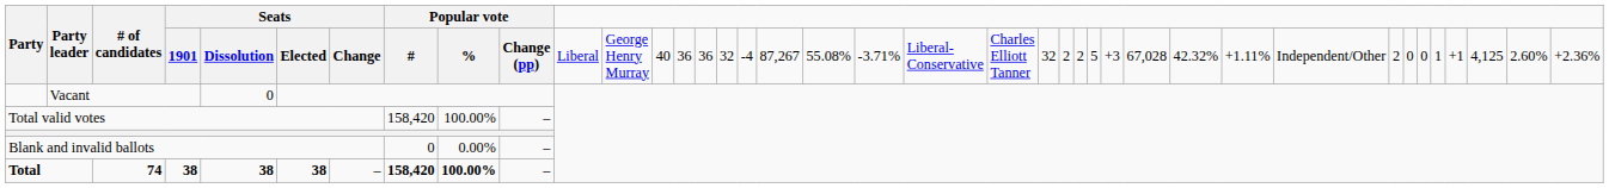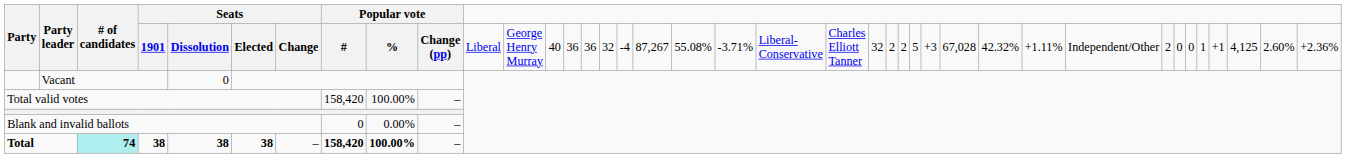 <table class="wikitable">
 <tr>
 <th rowspan="2" colspan="2">Party</th>
 <th rowspan="2">Party leader</th>
 <th rowspan="2"># of<br>candidates</th>
 <th colspan="4">Seats</th>
 <th colspan="3">Popular vote</th>
 </tr>
 <tr>
 <th><a href='#'>1901</a></th>
 <th><span><a href='#'>Dissolution</a></span></th>
 <th>Elected</th>
 <th>Change</th>
 <th>#</th>
 <th>%</th>
 <th>Change (<a href='#'>pp</a>)<br></th>
 <td><a href='#'>Liberal</a></td>
 <td><a href='#'>George Henry Murray</a></td>
 <td align="right">40</td>
 <td align="right">36</td>
 <td align="right">36</td>
 <td align="right">32</td>
 <td align="right">-4</td>
 <td align="right">87,267</td>
 <td align="right">55.08%</td>
 <td align="right">-3.71%<br></td>
 <td><a href='#'>Liberal-Conservative</a></td>
 <td><a href='#'>Charles Elliott Tanner</a></td>
 <td align="right">32</td>
 <td align="right">2</td>
 <td align="right">2</td>
 <td align="right">5</td>
 <td align="right">+3</td>
 <td align="right">67,028</td>
 <td align="right">42.32%</td>
 <td align="right">+1.11%<br></td>
 <td colspan=2>Independent/Other</td>
 <td align="right">2</td>
 <td align="right">0</td>
 <td align="right">0</td>
 <td align="right">1</td>
 <td align="right">+1</td>
 <td align="right">4,125</td>
 <td align="right">2.60%</td>
 <td align="right">+2.36%</td>
 </tr>
 <tr>
 <td> </td>
 <td colspan=4>Vacant</td>
 <td align="right">0</td>
 <td colspan=5> </td>
 </tr>
 <tr>
 <td colspan="8">Total valid votes</td>
 <td align="right">158,420</td>
 <td align="right">100.00%</td>
 <td align="right">–</td>
 </tr>
 <tr>
 <th colspan="11"></th>
 </tr>
 <tr>
 <td colspan="8">Blank and invalid ballots</td>
 <td align="right">0</td>
 <td align="right">0.00%</td>
 <td align="right">–</td>
 </tr>
 <tr>
 <td colspan=3><strong>Total</strong></td>
-<td align="right"><strong>74</strong></td>
+<td align="right" style="background: paleturquoise;"><strong>74</strong></td>
 <td align="right"><strong>38</strong></td>
 <td align="right"><strong>38</strong></td>
 <td align="right"><strong>38</strong></td>
 <td align="right">–</td>
 <td align="right"><strong>158,420</strong></td>
 <td align="right"><strong>100.00%</strong></td>
 <td align="right">–</td>
 </tr>
 </table>
